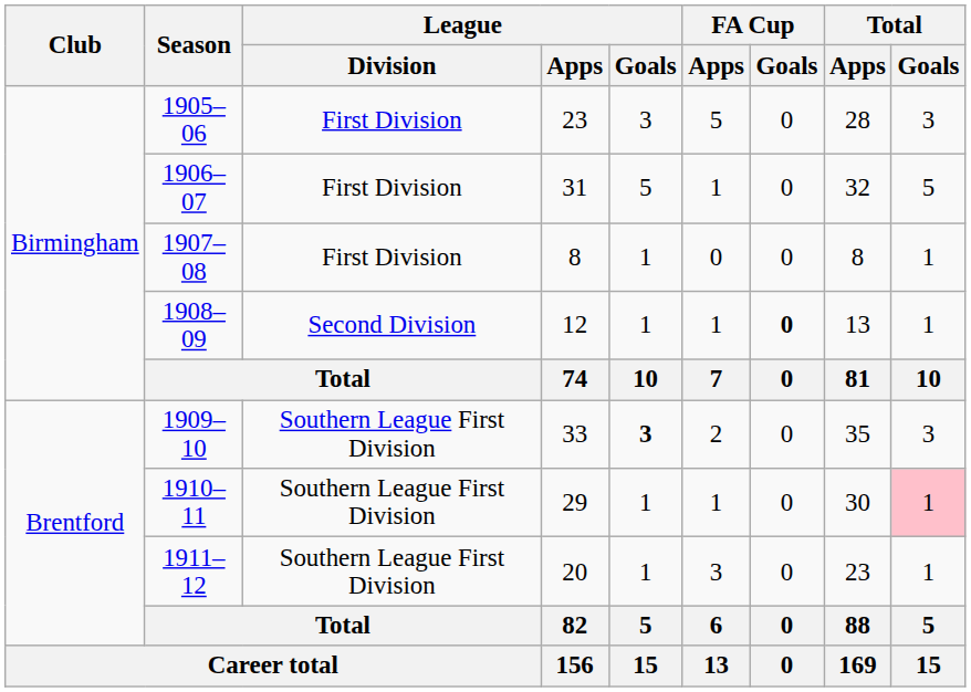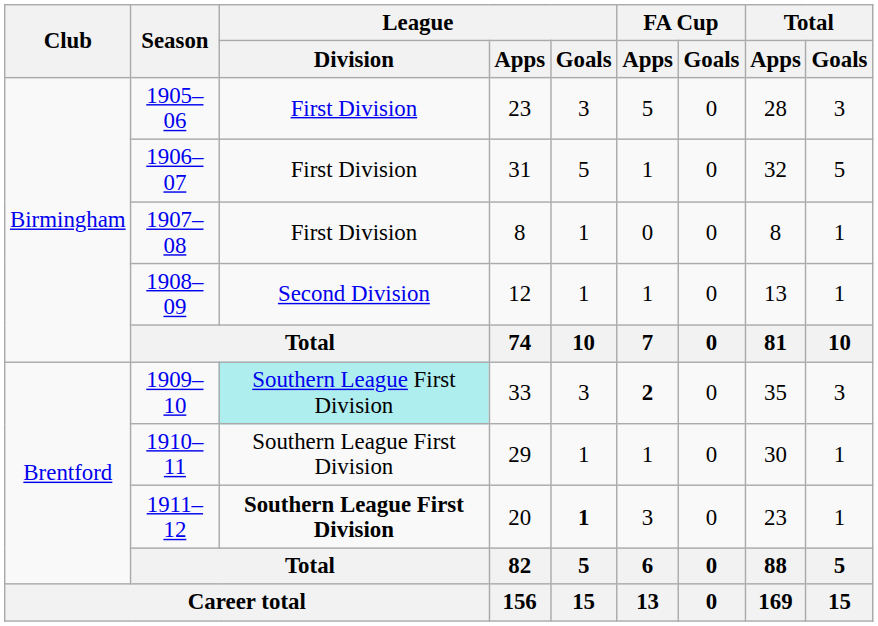 <table class="wikitable" style="text-align: center;">
 <tr>
 <th rowspan="2">Club</th>
 <th rowspan="2">Season</th>
 <th colspan="3">League</th>
 <th colspan="2">FA Cup</th>
 <th colspan="2">Total</th>
 </tr>
 <tr>
 <th>Division</th>
 <th>Apps</th>
 <th>Goals</th>
 <th>Apps</th>
 <th>Goals</th>
 <th>Apps</th>
 <th>Goals</th>
 </tr>
 <tr>
 <td rowspan="5"><a href='#'>Birmingham</a></td>
 <td><a href='#'>1905–06</a></td>
 <td><a href='#'>First Division</a></td>
 <td>23</td>
 <td>3</td>
 <td>5</td>
 <td>0</td>
 <td>28</td>
 <td>3</td>
 </tr>
 <tr>
 <td><a href='#'>1906–07</a></td>
 <td>First Division</td>
 <td>31</td>
 <td>5</td>
 <td>1</td>
 <td>0</td>
 <td>32</td>
 <td>5</td>
 </tr>
 <tr>
 <td><a href='#'>1907–08</a></td>
 <td>First Division</td>
 <td>8</td>
 <td>1</td>
 <td>0</td>
 <td>0</td>
 <td>8</td>
 <td>1</td>
 </tr>
 <tr>
 <td><a href='#'>1908–09</a></td>
 <td><a href='#'>Second Division</a></td>
 <td>12</td>
 <td>1</td>
 <td>1</td>
-<td><strong>0</strong></td>
+<td>0</td>
 <td>13</td>
 <td>1</td>
 </tr>
 <tr>
 <th colspan="2">Total</th>
 <th>74</th>
 <th>10</th>
 <th>7</th>
 <th>0</th>
 <th>81</th>
 <th>10</th>
 </tr>
 <tr>
 <td rowspan="4"><a href='#'>Brentford</a></td>
 <td><a href='#'>1909–10</a></td>
-<td><a href='#'>Southern League</a> First Division</td>
+<td style="background: paleturquoise;"><a href='#'>Southern League</a> First Division</td>
 <td>33</td>
-<td><strong>3</strong></td>
-<td>2</td>
+<td>3</td>
+<td><strong>2</strong></td>
 <td>0</td>
 <td>35</td>
 <td>3</td>
 </tr>
 <tr>
 <td><a href='#'>1910–11</a></td>
 <td>Southern League First Division</td>
 <td>29</td>
 <td>1</td>
 <td>1</td>
 <td>0</td>
 <td>30</td>
-<td style="background: pink;">1</td>
+<td>1</td>
 </tr>
 <tr>
 <td><a href='#'>1911–12</a></td>
-<td>Southern League First Division</td>
+<td><strong>Southern League First Division</strong></td>
 <td>20</td>
-<td>1</td>
+<td><strong>1</strong></td>
 <td>3</td>
 <td>0</td>
 <td>23</td>
 <td>1</td>
 </tr>
 <tr>
 <th colspan="2">Total</th>
 <th>82</th>
 <th>5</th>
 <th>6</th>
 <th>0</th>
 <th>88</th>
 <th>5</th>
 </tr>
 <tr>
 <th colspan="3">Career total</th>
 <th>156</th>
 <th>15</th>
 <th>13</th>
 <th>0</th>
 <th>169</th>
 <th>15</th>
 </tr>
 </table>
